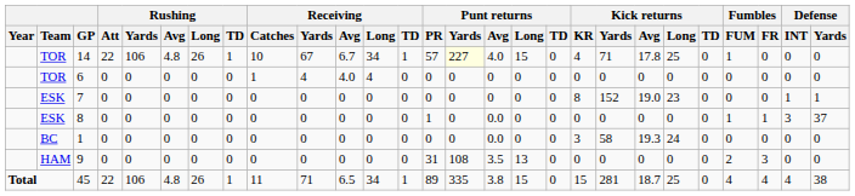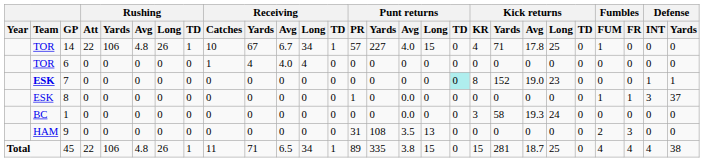 <table class="wikitable">
 <tr>
 <th colspan=3></th>
 <th colspan=5>Rushing</th>
 <th colspan=5>Receiving</th>
 <th colspan=5>Punt returns</th>
 <th colspan=5>Kick returns</th>
 <th colspan=2>Fumbles</th>
 <th colspan=2>Defense</th>
 </tr>
 <tr>
 <th>Year</th>
 <th>Team</th>
 <th>GP</th>
 <th>Att</th>
 <th>Yards</th>
 <th>Avg</th>
 <th>Long</th>
 <th>TD</th>
 <th>Catches</th>
 <th>Yards</th>
 <th>Avg</th>
 <th>Long</th>
 <th>TD</th>
 <th>PR</th>
 <th>Yards</th>
 <th>Avg</th>
 <th>Long</th>
 <th>TD</th>
 <th>KR</th>
 <th>Yards</th>
 <th>Avg</th>
 <th>Long</th>
 <th>TD</th>
 <th>FUM</th>
 <th>FR</th>
 <th>INT</th>
 <th>Yards</th>
 </tr>
 <tr>
 <td></td>
 <td><a href='#'>TOR</a></td>
 <td>14</td>
 <td>22</td>
 <td>106</td>
 <td>4.8</td>
 <td>26</td>
 <td>1</td>
 <td>10</td>
 <td>67</td>
 <td>6.7</td>
 <td>34</td>
 <td>1</td>
 <td>57</td>
-<td style="background: lightyellow;">227</td>
+<td>227</td>
 <td>4.0</td>
 <td>15</td>
 <td>0</td>
 <td>4</td>
 <td>71</td>
 <td>17.8</td>
 <td>25</td>
 <td>0</td>
 <td>1</td>
 <td>0</td>
 <td>0</td>
 <td>0</td>
 </tr>
 <tr>
 <td></td>
 <td><a href='#'>TOR</a></td>
 <td>6</td>
 <td>0</td>
 <td>0</td>
 <td>0</td>
 <td>0</td>
 <td>0</td>
 <td>1</td>
 <td>4</td>
 <td>4.0</td>
 <td>4</td>
 <td>0</td>
 <td>0</td>
 <td>0</td>
 <td>0</td>
 <td>0</td>
 <td>0</td>
 <td>0</td>
 <td>0</td>
 <td>0</td>
 <td>0</td>
 <td>0</td>
 <td>0</td>
 <td>0</td>
 <td>0</td>
 <td>0</td>
 </tr>
 <tr>
 <td></td>
-<td><a href='#'>ESK</a></td>
+<td><strong><a href='#'>ESK</a></strong></td>
 <td>7</td>
 <td>0</td>
 <td>0</td>
 <td>0</td>
 <td>0</td>
 <td>0</td>
 <td>0</td>
 <td>0</td>
 <td>0</td>
 <td>0</td>
 <td>0</td>
 <td>0</td>
 <td>0</td>
 <td>0</td>
 <td>0</td>
-<td>0</td>
+<td style="background: paleturquoise;">0</td>
 <td>8</td>
 <td>152</td>
 <td>19.0</td>
 <td>23</td>
 <td>0</td>
 <td>0</td>
 <td>0</td>
 <td>1</td>
 <td>1</td>
 </tr>
 <tr>
 <td></td>
 <td><a href='#'>ESK</a></td>
 <td>8</td>
 <td>0</td>
 <td>0</td>
 <td>0</td>
 <td>0</td>
 <td>0</td>
 <td>0</td>
 <td>0</td>
 <td>0</td>
 <td>0</td>
 <td>0</td>
 <td>1</td>
 <td>0</td>
 <td>0.0</td>
 <td>0</td>
 <td>0</td>
 <td>0</td>
 <td>0</td>
 <td>0</td>
 <td>0</td>
 <td>0</td>
 <td>1</td>
 <td>1</td>
 <td>3</td>
 <td>37</td>
 </tr>
 <tr>
 <td></td>
 <td><a href='#'>BC</a></td>
 <td>1</td>
 <td>0</td>
 <td>0</td>
 <td>0</td>
 <td>0</td>
 <td>0</td>
 <td>0</td>
 <td>0</td>
 <td>0</td>
 <td>0</td>
 <td>0</td>
 <td>0</td>
 <td>0</td>
 <td>0.0</td>
 <td>0</td>
 <td>0</td>
 <td>3</td>
 <td>58</td>
 <td>19.3</td>
 <td>24</td>
 <td>0</td>
 <td>0</td>
 <td>0</td>
 <td>0</td>
 <td>0</td>
 </tr>
 <tr>
 <td></td>
 <td><a href='#'>HAM</a></td>
 <td>9</td>
 <td>0</td>
 <td>0</td>
 <td>0</td>
 <td>0</td>
 <td>0</td>
 <td>0</td>
 <td>0</td>
 <td>0</td>
 <td>0</td>
 <td>0</td>
 <td>31</td>
 <td>108</td>
 <td>3.5</td>
 <td>13</td>
 <td>0</td>
 <td>0</td>
 <td>0</td>
 <td>0</td>
 <td>0</td>
 <td>0</td>
 <td>2</td>
 <td>3</td>
 <td>0</td>
 <td>0</td>
 </tr>
 <tr>
 <td colspan=2><strong>Total</strong></td>
 <td>45</td>
 <td>22</td>
 <td>106</td>
 <td>4.8</td>
 <td>26</td>
 <td>1</td>
 <td>11</td>
 <td>71</td>
 <td>6.5</td>
 <td>34</td>
 <td>1</td>
 <td>89</td>
 <td>335</td>
 <td>3.8</td>
 <td>15</td>
 <td>0</td>
 <td>15</td>
 <td>281</td>
 <td>18.7</td>
 <td>25</td>
 <td>0</td>
 <td>4</td>
 <td>4</td>
 <td>4</td>
 <td>38</td>
 </tr>
 </table>
